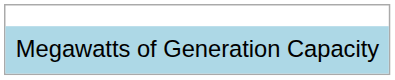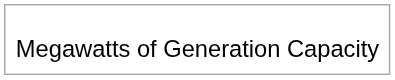 <table style="border:solid 1px #aaa;" cellpadding="7" cellspacing="0">
 <tr>
 <td></td>
 </tr>
 <tr>
-<td style="background: lightblue;">Megawatts of Generation Capacity</td>
+<td>Megawatts of Generation Capacity</td>
 </tr>
 </table>
